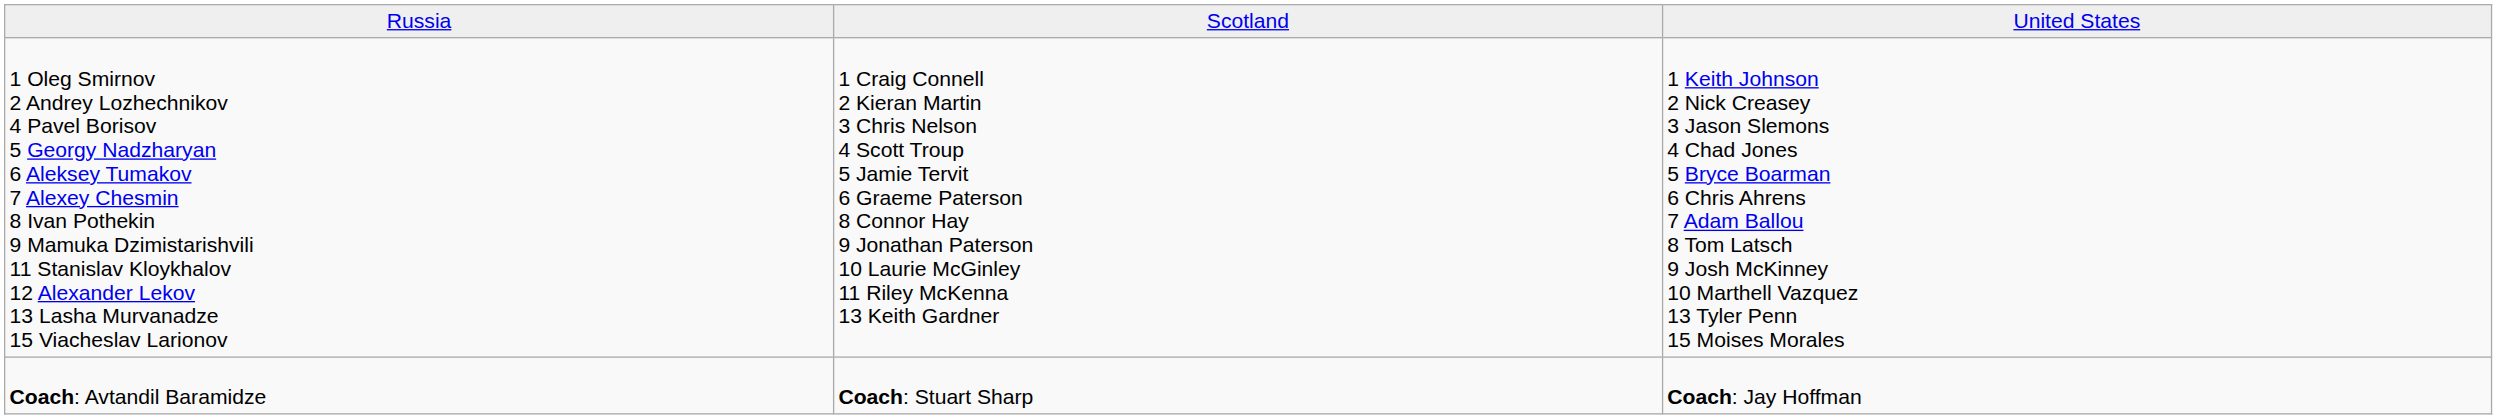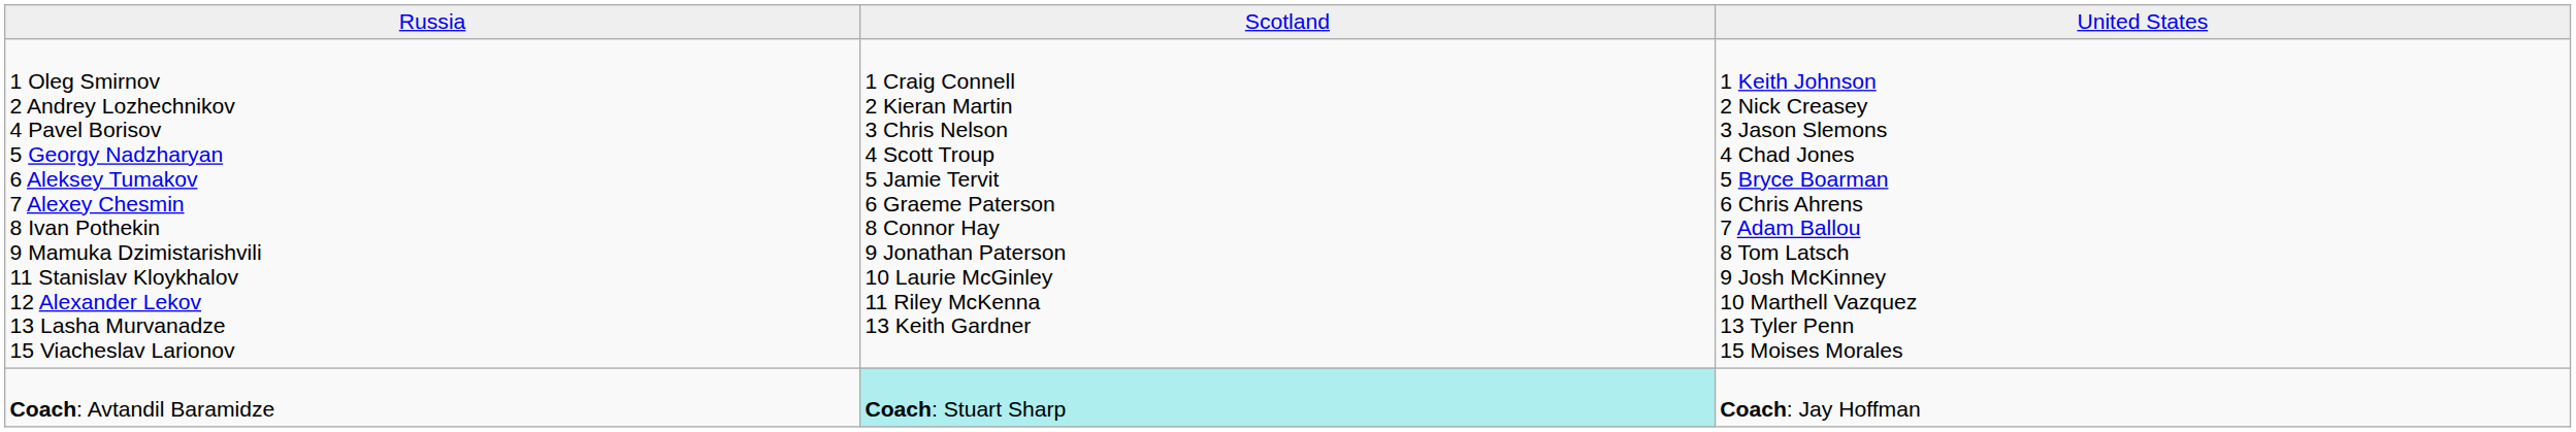 <table class="wikitable mw-collapsible mw-collapsed" cellpadding=5 cellspacing=0 style="width:95%">
 <tr align=center>
 <td bgcolor="#efefef" width="200"> <a href='#'>Russia</a></td>
 <td bgcolor="#efefef" width="200"> <a href='#'>Scotland</a></td>
 <td bgcolor="#efefef" width="200"> <a href='#'>United States</a></td>
 </tr>
 <tr valign=top>
 <td><br>1 Oleg Smirnov<br> 2 Andrey Lozhechnikov<br> 4 Pavel Borisov<br> 5 <a href='#'>Georgy Nadzharyan</a><br> 6 <a href='#'>Aleksey Tumakov</a><br> 7 <a href='#'>Alexey Chesmin</a><br> 8 Ivan Pothekin<br> 9 Mamuka Dzimistarishvili<br> 11 Stanislav Kloykhalov<br> 12 <a href='#'>Alexander Lekov</a><br> 13 Lasha Murvanadze<br> 15 Viacheslav Larionov</td>
 <td><br>1 Craig Connell<br> 2 Kieran Martin<br> 3 Chris Nelson<br> 4 Scott Troup<br> 5 Jamie Tervit<br> 6 Graeme Paterson<br> 8 Connor Hay<br> 9 Jonathan Paterson<br> 10 Laurie McGinley<br> 11 Riley McKenna<br> 13 Keith Gardner</td>
 <td><br>1 <a href='#'>Keith Johnson</a><br> 2 Nick Creasey<br> 3 Jason Slemons<br> 4 Chad Jones<br> 5 <a href='#'>Bryce Boarman</a><br> 6 Chris Ahrens<br> 7 <a href='#'>Adam Ballou</a><br> 8 Tom Latsch<br> 9 Josh McKinney<br> 10 Marthell Vazquez<br> 13 Tyler Penn<br> 15 Moises Morales</td>
 </tr>
 <tr valign=top>
 <td><br><strong>Coach</strong>: Avtandil Baramidze</td>
-<td><br><strong>Coach</strong>: Stuart Sharp</td>
+<td style="background: paleturquoise;"><br><strong>Coach</strong>: Stuart Sharp</td>
 <td><br><strong>Coach</strong>: Jay Hoffman</td>
 </tr>
 </table>
